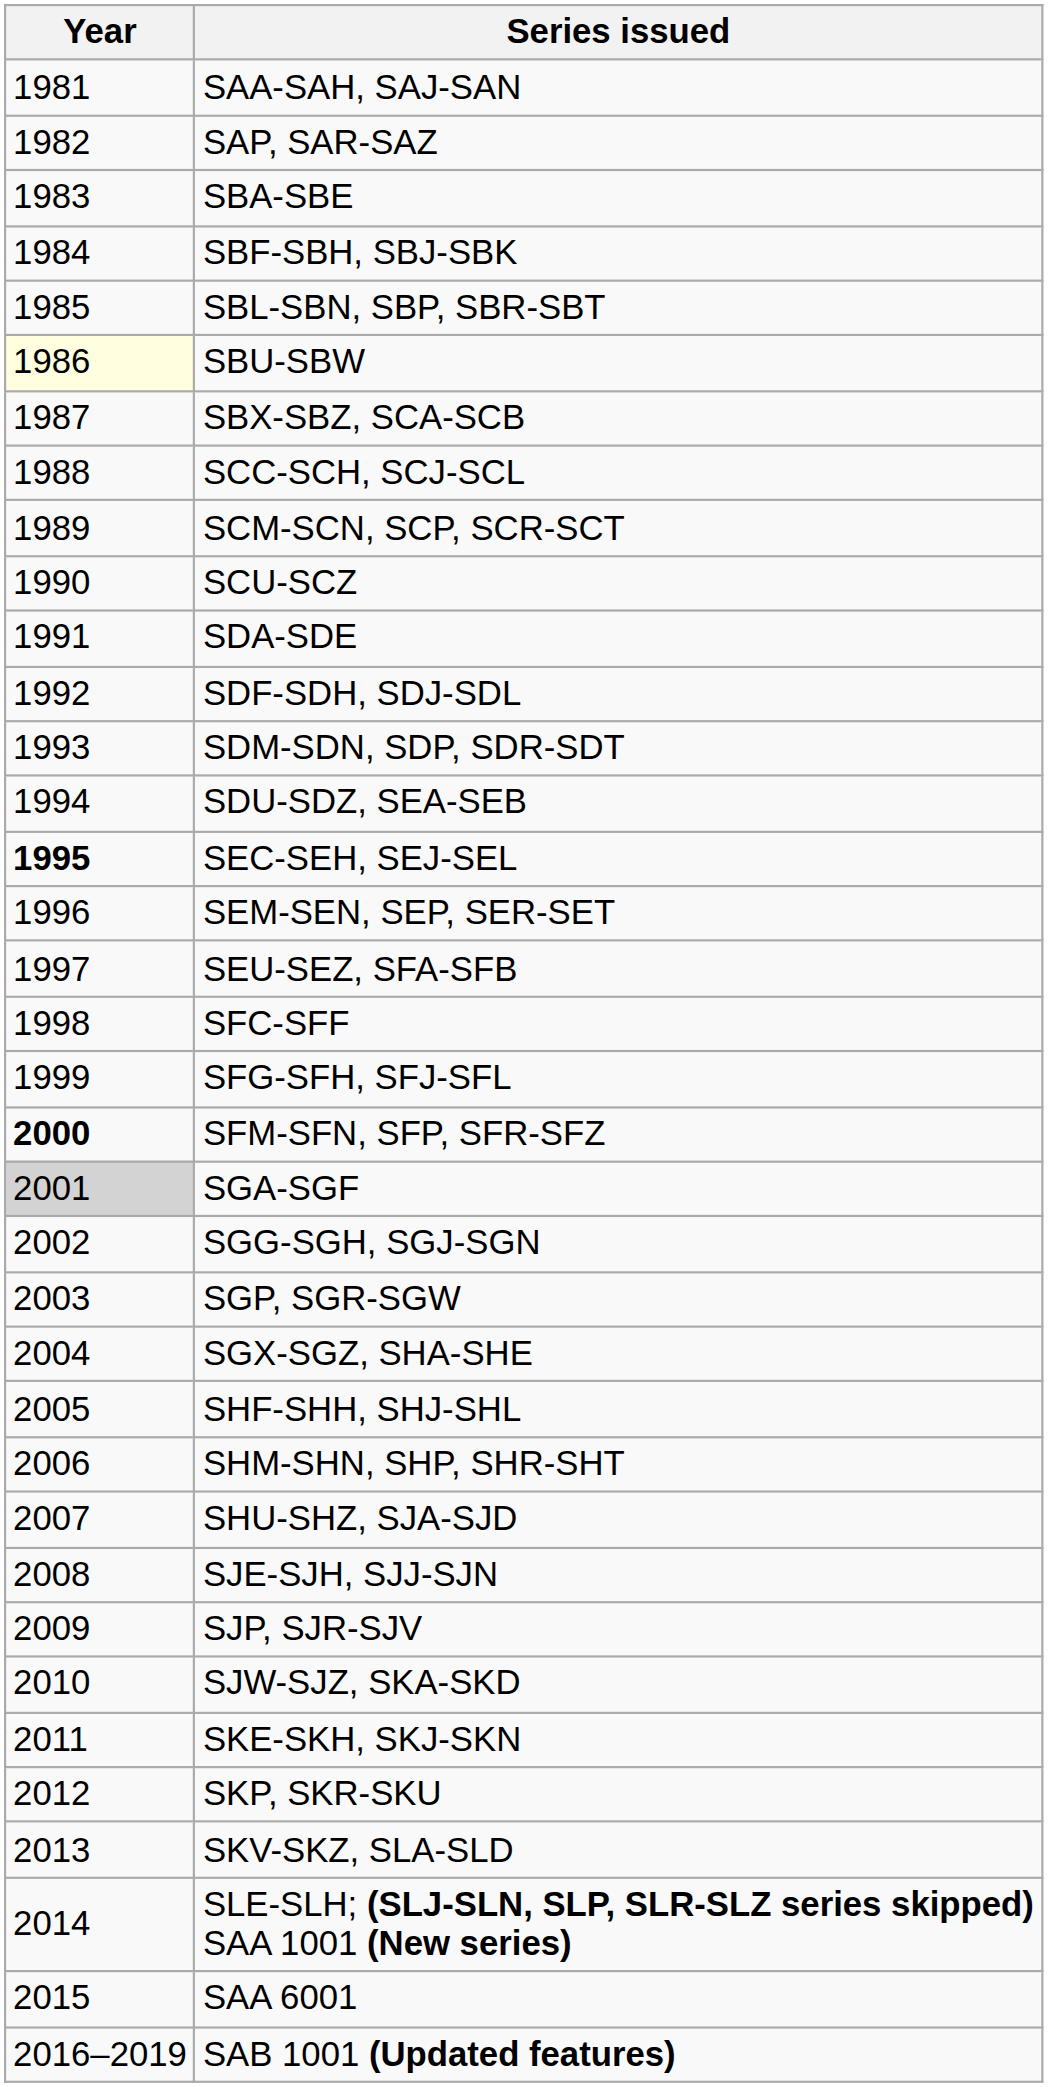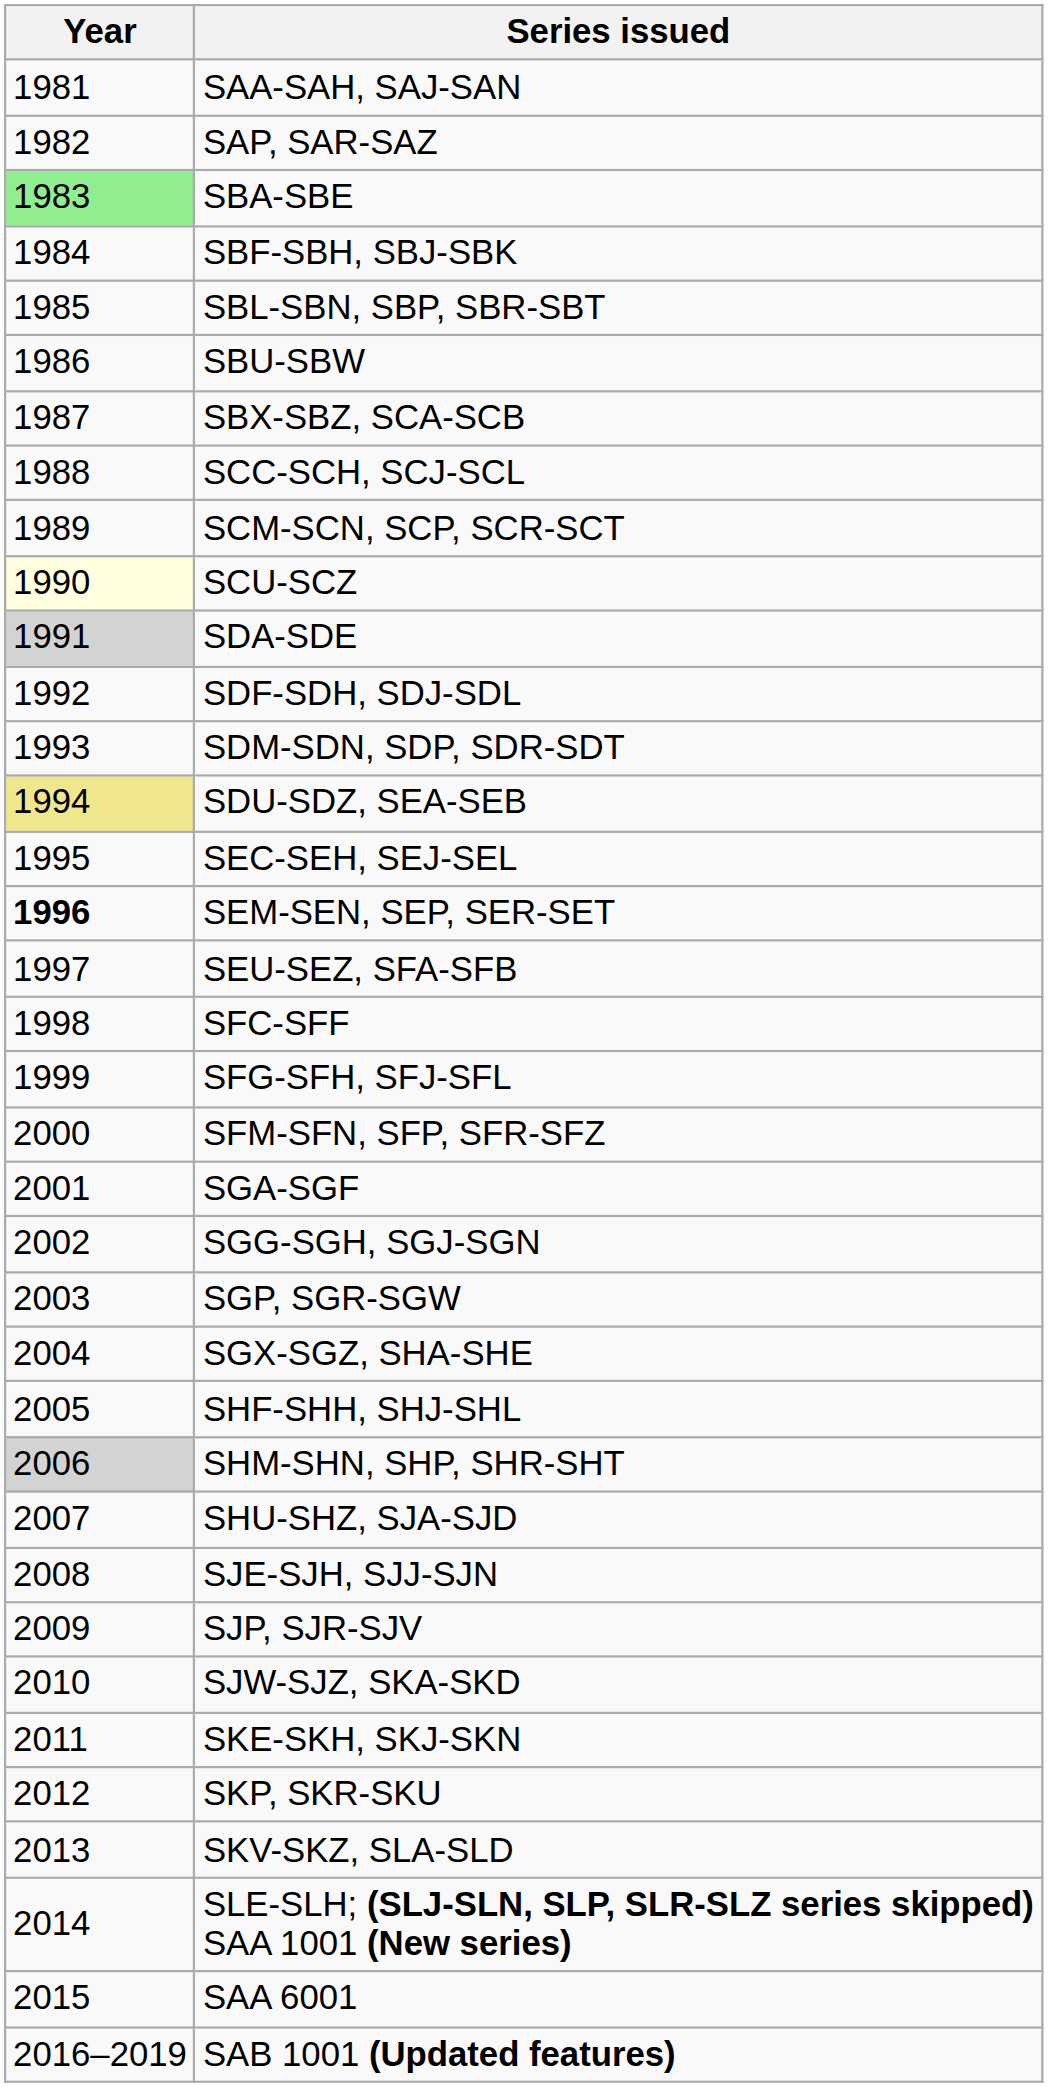 <table class="wikitable">
 <tr>
 <th>Year</th>
 <th>Series issued</th>
 </tr>
 <tr>
 <td>1981</td>
 <td>SAA-SAH, SAJ-SAN</td>
 </tr>
 <tr>
 <td>1982</td>
 <td>SAP, SAR-SAZ</td>
 </tr>
 <tr>
-<td>1983</td>
+<td style="background: lightgreen;">1983</td>
 <td>SBA-SBE</td>
 </tr>
 <tr>
 <td>1984</td>
 <td>SBF-SBH, SBJ-SBK</td>
 </tr>
 <tr>
 <td>1985</td>
 <td>SBL-SBN, SBP, SBR-SBT</td>
 </tr>
 <tr>
-<td style="background: lightyellow;">1986</td>
+<td>1986</td>
 <td>SBU-SBW</td>
 </tr>
 <tr>
 <td>1987</td>
 <td>SBX-SBZ, SCA-SCB</td>
 </tr>
 <tr>
 <td>1988</td>
 <td>SCC-SCH, SCJ-SCL</td>
 </tr>
 <tr>
 <td>1989</td>
 <td>SCM-SCN, SCP,  SCR-SCT</td>
 </tr>
 <tr>
-<td>1990</td>
+<td style="background: lightyellow;">1990</td>
 <td>SCU-SCZ</td>
 </tr>
 <tr>
-<td>1991</td>
+<td style="background: lightgrey;">1991</td>
 <td>SDA-SDE</td>
 </tr>
 <tr>
 <td>1992</td>
 <td>SDF-SDH, SDJ-SDL</td>
 </tr>
 <tr>
 <td>1993</td>
 <td>SDM-SDN, SDP, SDR-SDT</td>
 </tr>
 <tr>
-<td>1994</td>
+<td style="background: khaki;">1994</td>
 <td>SDU-SDZ, SEA-SEB</td>
 </tr>
 <tr>
-<td><strong>1995</strong></td>
+<td>1995</td>
 <td>SEC-SEH, SEJ-SEL</td>
 </tr>
 <tr>
-<td>1996</td>
+<td><strong>1996</strong></td>
 <td>SEM-SEN, SEP, SER-SET</td>
 </tr>
 <tr>
 <td>1997</td>
 <td>SEU-SEZ, SFA-SFB</td>
 </tr>
 <tr>
 <td>1998</td>
 <td>SFC-SFF</td>
 </tr>
 <tr>
 <td>1999</td>
 <td>SFG-SFH, SFJ-SFL</td>
 </tr>
 <tr>
-<td><strong>2000</strong></td>
+<td>2000</td>
 <td>SFM-SFN, SFP, SFR-SFZ</td>
 </tr>
 <tr>
-<td style="background: lightgrey;">2001</td>
+<td>2001</td>
 <td>SGA-SGF</td>
 </tr>
 <tr>
 <td>2002</td>
 <td>SGG-SGH, SGJ-SGN</td>
 </tr>
 <tr>
 <td>2003</td>
 <td>SGP, SGR-SGW</td>
 </tr>
 <tr>
 <td>2004</td>
 <td>SGX-SGZ, SHA-SHE</td>
 </tr>
 <tr>
 <td>2005</td>
 <td>SHF-SHH, SHJ-SHL</td>
 </tr>
 <tr>
-<td>2006</td>
+<td style="background: lightgrey;">2006</td>
 <td>SHM-SHN, SHP, SHR-SHT</td>
 </tr>
 <tr>
 <td>2007</td>
 <td>SHU-SHZ, SJA-SJD</td>
 </tr>
 <tr>
 <td>2008</td>
 <td>SJE-SJH, SJJ-SJN</td>
 </tr>
 <tr>
 <td>2009</td>
 <td>SJP, SJR-SJV</td>
 </tr>
 <tr>
 <td>2010</td>
 <td>SJW-SJZ, SKA-SKD</td>
 </tr>
 <tr>
 <td>2011</td>
 <td>SKE-SKH, SKJ-SKN</td>
 </tr>
 <tr>
 <td>2012</td>
 <td>SKP, SKR-SKU</td>
 </tr>
 <tr>
 <td>2013</td>
 <td>SKV-SKZ, SLA-SLD</td>
 </tr>
 <tr>
 <td>2014</td>
 <td>SLE-SLH; <strong>(SLJ-SLN, SLP, SLR-SLZ series skipped)</strong><br>SAA 1001 <strong>(New series)</strong></td>
 </tr>
 <tr>
 <td>2015</td>
 <td>SAA 6001</td>
 </tr>
 <tr>
 <td>2016–2019</td>
 <td>SAB 1001 <strong>(Updated features)</strong></td>
 </tr>
 </table>
